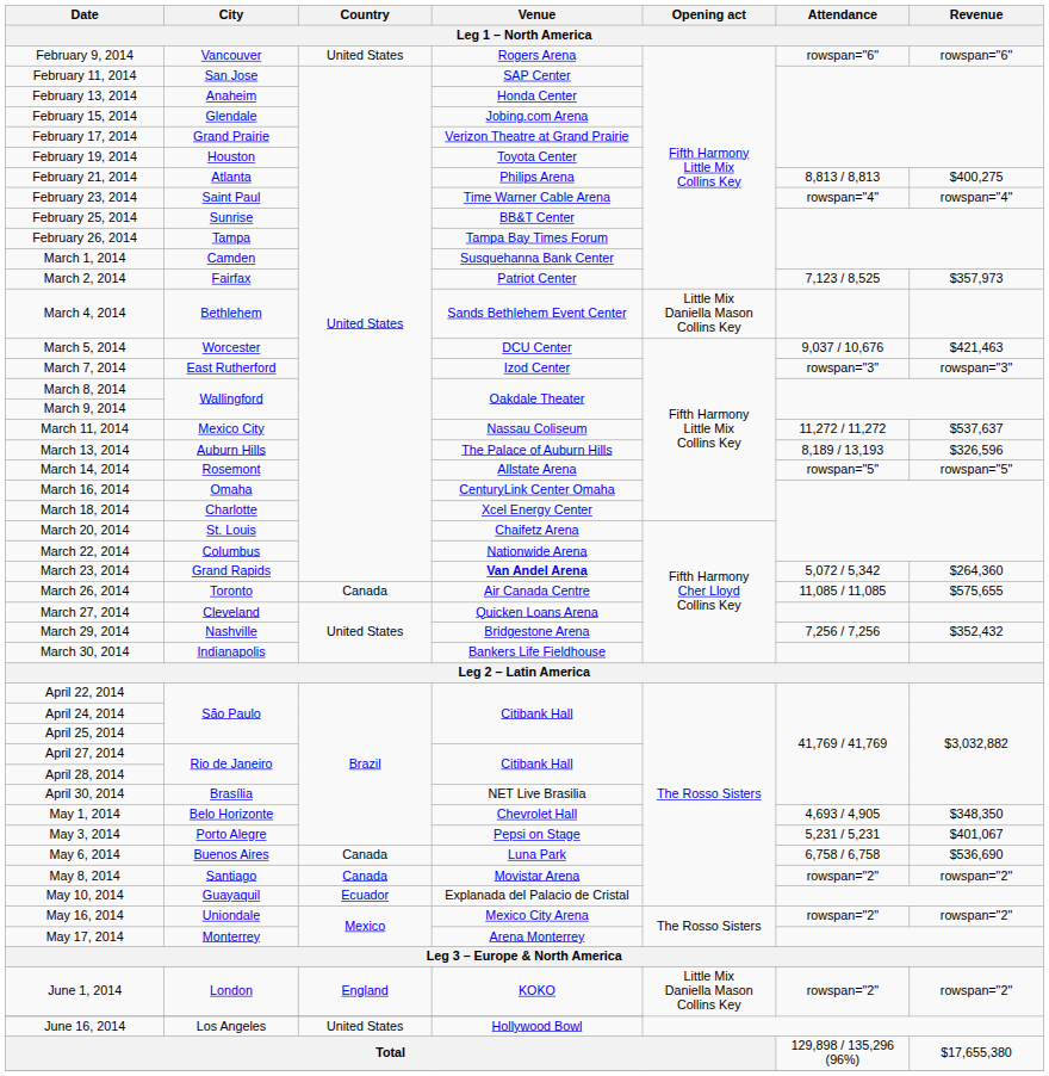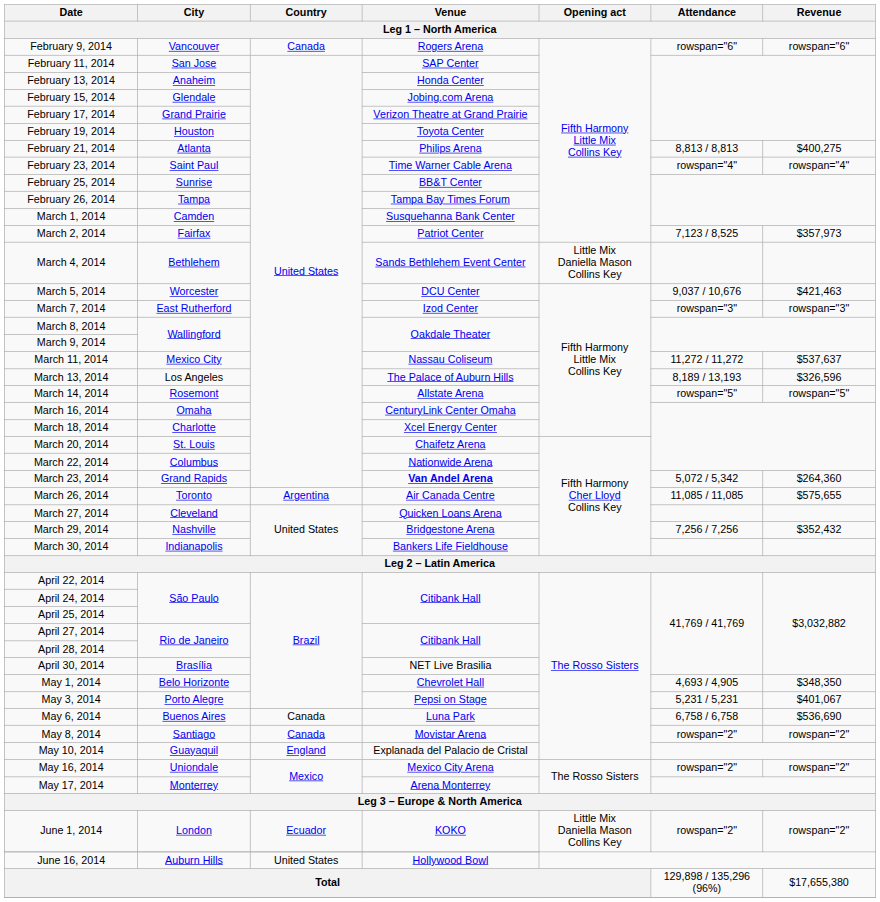 <table class="wikitable" style="text-align:center;">
 <tr>
 <th scope="col" style="width:12em;">Date</th>
 <th scope="col" style="width:10em;">City</th>
 <th scope="col" style="width:10em;">Country</th>
 <th scope="col" style="width:16em;">Venue</th>
 <th scope="col" style="width:10em;">Opening act</th>
 <th scope="col" style="width:10em;">Attendance</th>
 <th scope="col" style="width:10em;">Revenue</th>
 </tr>
 <tr>
 <th colspan="7">Leg 1 – North America</th>
 </tr>
 <tr>
 <td>February 9, 2014</td>
 <td><a href='#'>Vancouver</a></td>
-<td>United States</td>
+<td><a href='#'>Canada</a></td>
 <td><a href='#'>Rogers Arena</a></td>
 <td rowspan="12"><a href='#'>Fifth Harmony</a><br><a href='#'>Little Mix</a><br><a href='#'>Collins Key</a></td>
 <td>rowspan="6" </td>
 <td>rowspan="6" </td>
 </tr>
 <tr>
 <td>February 11, 2014</td>
 <td><a href='#'>San Jose</a></td>
 <td rowspan="24"><a href='#'>United States</a></td>
 <td><a href='#'>SAP Center</a></td>
 </tr>
 <tr>
 <td>February 13, 2014</td>
 <td><a href='#'>Anaheim</a></td>
 <td><a href='#'>Honda Center</a></td>
 </tr>
 <tr>
 <td>February 15, 2014</td>
 <td><a href='#'>Glendale</a></td>
 <td><a href='#'>Jobing.com Arena</a></td>
 </tr>
 <tr>
 <td>February 17, 2014</td>
 <td><a href='#'>Grand Prairie</a></td>
 <td><a href='#'>Verizon Theatre at Grand Prairie</a></td>
 </tr>
 <tr>
 <td>February 19, 2014</td>
 <td><a href='#'>Houston</a></td>
 <td><a href='#'>Toyota Center</a></td>
 </tr>
 <tr>
 <td>February 21, 2014</td>
 <td><a href='#'>Atlanta</a></td>
 <td><a href='#'>Philips Arena</a></td>
 <td>8,813 / 8,813</td>
 <td>$400,275</td>
 </tr>
 <tr>
 <td>February 23, 2014</td>
 <td><a href='#'>Saint Paul</a></td>
 <td><a href='#'>Time Warner Cable Arena</a></td>
 <td>rowspan="4" </td>
 <td>rowspan="4" </td>
 </tr>
 <tr>
 <td>February 25, 2014</td>
 <td><a href='#'>Sunrise</a></td>
 <td><a href='#'>BB&T Center</a></td>
 </tr>
 <tr>
 <td>February 26, 2014</td>
 <td><a href='#'>Tampa</a></td>
 <td><a href='#'>Tampa Bay Times Forum</a></td>
 </tr>
 <tr>
 <td>March 1, 2014</td>
 <td><a href='#'>Camden</a></td>
 <td><a href='#'>Susquehanna Bank Center</a></td>
 </tr>
 <tr>
 <td>March 2, 2014</td>
 <td><a href='#'>Fairfax</a></td>
 <td><a href='#'>Patriot Center</a></td>
 <td>7,123 / 8,525</td>
 <td>$357,973</td>
 </tr>
 <tr>
 <td>March 4, 2014</td>
 <td><a href='#'>Bethlehem</a></td>
 <td><a href='#'>Sands Bethlehem Event Center</a></td>
 <td>Little Mix<br>Daniella Mason<br>Collins Key</td>
 <td></td>
 <td></td>
 </tr>
 <tr>
 <td>March 5, 2014</td>
 <td><a href='#'>Worcester</a></td>
 <td><a href='#'>DCU Center</a></td>
 <td rowspan="9">Fifth Harmony<br>Little Mix<br>Collins Key</td>
 <td>9,037 / 10,676</td>
 <td>$421,463</td>
 </tr>
 <tr>
 <td>March 7, 2014</td>
 <td><a href='#'>East Rutherford</a></td>
 <td><a href='#'>Izod Center</a></td>
 <td>rowspan="3" </td>
 <td>rowspan="3" </td>
 </tr>
 <tr>
 <td>March 8, 2014</td>
 <td rowspan="2"><a href='#'>Wallingford</a></td>
 <td rowspan="2"><a href='#'>Oakdale Theater</a></td>
 </tr>
 <tr>
 <td>March 9, 2014</td>
 </tr>
 <tr>
 <td>March 11, 2014</td>
 <td><a href='#'>Mexico City</a></td>
 <td><a href='#'>Nassau Coliseum</a></td>
 <td>11,272 / 11,272</td>
 <td>$537,637</td>
 </tr>
 <tr>
 <td>March 13, 2014</td>
-<td><a href='#'>Auburn Hills</a></td>
+<td>Los Angeles</td>
 <td><a href='#'>The Palace of Auburn Hills</a></td>
 <td>8,189 / 13,193</td>
 <td>$326,596</td>
 </tr>
 <tr>
 <td>March 14, 2014</td>
 <td><a href='#'>Rosemont</a></td>
 <td><a href='#'>Allstate Arena</a></td>
 <td>rowspan="5" </td>
 <td>rowspan="5" </td>
 </tr>
 <tr>
 <td>March 16, 2014</td>
 <td><a href='#'>Omaha</a></td>
 <td><a href='#'>CenturyLink Center Omaha</a></td>
 </tr>
 <tr>
 <td>March 18, 2014</td>
 <td><a href='#'>Charlotte</a></td>
 <td><a href='#'>Xcel Energy Center</a></td>
 </tr>
 <tr>
 <td>March 20, 2014</td>
 <td><a href='#'>St. Louis</a></td>
 <td><a href='#'>Chaifetz Arena</a></td>
 <td rowspan="7">Fifth Harmony<br><a href='#'>Cher Lloyd</a><br>Collins Key</td>
 </tr>
 <tr>
 <td>March 22, 2014</td>
 <td><a href='#'>Columbus</a></td>
 <td><a href='#'>Nationwide Arena</a></td>
 </tr>
 <tr>
 <td>March 23, 2014</td>
 <td><a href='#'>Grand Rapids</a></td>
 <td><strong><a href='#'>Van Andel Arena</a></strong></td>
 <td>5,072 / 5,342</td>
 <td>$264,360</td>
 </tr>
 <tr>
 <td>March 26, 2014</td>
 <td><a href='#'>Toronto</a></td>
-<td>Canada</td>
+<td><a href='#'>Argentina</a></td>
 <td><a href='#'>Air Canada Centre</a></td>
 <td>11,085 / 11,085</td>
 <td>$575,655</td>
 </tr>
 <tr>
 <td>March 27, 2014</td>
 <td><a href='#'>Cleveland</a></td>
 <td rowspan="3">United States</td>
 <td><a href='#'>Quicken Loans Arena</a></td>
 <td></td>
 <td></td>
 </tr>
 <tr>
 <td>March 29, 2014</td>
 <td><a href='#'>Nashville</a></td>
 <td><a href='#'>Bridgestone Arena</a></td>
 <td>7,256 / 7,256</td>
 <td>$352,432</td>
 </tr>
 <tr>
 <td>March 30, 2014</td>
 <td><a href='#'>Indianapolis</a></td>
 <td><a href='#'>Bankers Life Fieldhouse</a></td>
 <td></td>
 <td></td>
 </tr>
 <tr>
 <th colspan="7">Leg 2 – Latin America</th>
 </tr>
 <tr>
 <td>April 22, 2014</td>
 <td rowspan="3"><a href='#'>São Paulo</a></td>
 <td rowspan="8"><a href='#'>Brazil</a></td>
 <td rowspan="3"><a href='#'>Citibank Hall</a></td>
 <td rowspan="11"><a href='#'>The Rosso Sisters</a></td>
 <td rowspan="6">41,769 / 41,769</td>
 <td rowspan="6">$3,032,882</td>
 </tr>
 <tr>
 <td>April 24, 2014</td>
 </tr>
 <tr>
 <td>April 25, 2014</td>
 </tr>
 <tr>
 <td>April 27, 2014</td>
 <td rowspan="2"><a href='#'>Rio de Janeiro</a></td>
 <td rowspan="2"><a href='#'>Citibank Hall</a></td>
 </tr>
 <tr>
 <td>April 28, 2014</td>
 </tr>
 <tr>
 <td>April 30, 2014</td>
 <td><a href='#'>Brasília</a></td>
 <td>NET Live Brasilia</td>
 </tr>
 <tr>
 <td>May 1, 2014</td>
 <td><a href='#'>Belo Horizonte</a></td>
 <td><a href='#'>Chevrolet Hall</a></td>
 <td>4,693 / 4,905</td>
 <td>$348,350</td>
 </tr>
 <tr>
 <td>May 3, 2014</td>
 <td><a href='#'>Porto Alegre</a></td>
 <td><a href='#'>Pepsi on Stage</a></td>
 <td>5,231 / 5,231</td>
 <td>$401,067</td>
 </tr>
 <tr>
 <td>May 6, 2014</td>
 <td><a href='#'>Buenos Aires</a></td>
 <td>Canada</td>
 <td><a href='#'>Luna Park</a></td>
 <td>6,758 / 6,758</td>
 <td>$536,690</td>
 </tr>
 <tr>
 <td>May 8, 2014</td>
 <td><a href='#'>Santiago</a></td>
 <td><a href='#'>Canada</a></td>
 <td><a href='#'>Movistar Arena</a></td>
 <td>rowspan="2" </td>
 <td>rowspan="2" </td>
 </tr>
 <tr>
 <td>May 10, 2014</td>
 <td><a href='#'>Guayaquil</a></td>
-<td><a href='#'>Ecuador</a></td>
+<td><a href='#'>England</a></td>
 <td>Explanada del Palacio de Cristal</td>
 </tr>
 <tr>
 <td>May 16, 2014</td>
 <td><a href='#'>Uniondale</a></td>
 <td rowspan="2"><a href='#'>Mexico</a></td>
 <td><a href='#'>Mexico City Arena</a></td>
 <td rowspan="2">The Rosso Sisters</td>
 <td>rowspan="2" </td>
 <td>rowspan="2" </td>
 </tr>
 <tr>
 <td>May 17, 2014</td>
 <td><a href='#'>Monterrey</a></td>
 <td><a href='#'>Arena Monterrey</a></td>
 </tr>
 <tr>
 <th colspan="7">Leg 3 – Europe & North America</th>
 </tr>
 <tr>
 <td>June 1, 2014</td>
 <td><a href='#'>London</a></td>
-<td><a href='#'>England</a></td>
+<td><a href='#'>Ecuador</a></td>
 <td><a href='#'>KOKO</a></td>
 <td>Little Mix<br>Daniella Mason<br>Collins Key</td>
 <td>rowspan="2" </td>
 <td>rowspan="2" </td>
 </tr>
 <tr>
 </tr>
 <tr>
 <td>June 16, 2014</td>
-<td>Los Angeles</td>
+<td><a href='#'>Auburn Hills</a></td>
 <td>United States</td>
 <td><a href='#'>Hollywood Bowl</a></td>
 </tr>
 <tr>
 <th colspan="5">Total</th>
 <td>129,898 / 135,296 (96%)</td>
 <td>$17,655,380</td>
 </tr>
 <tr>
 </tr>
 </table>
